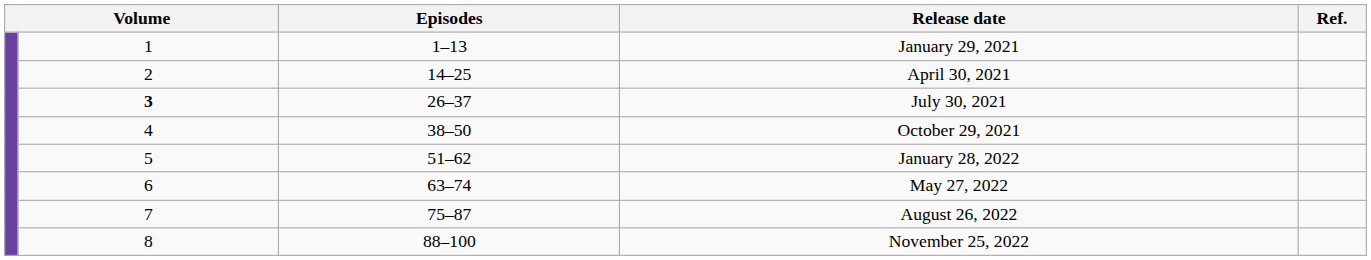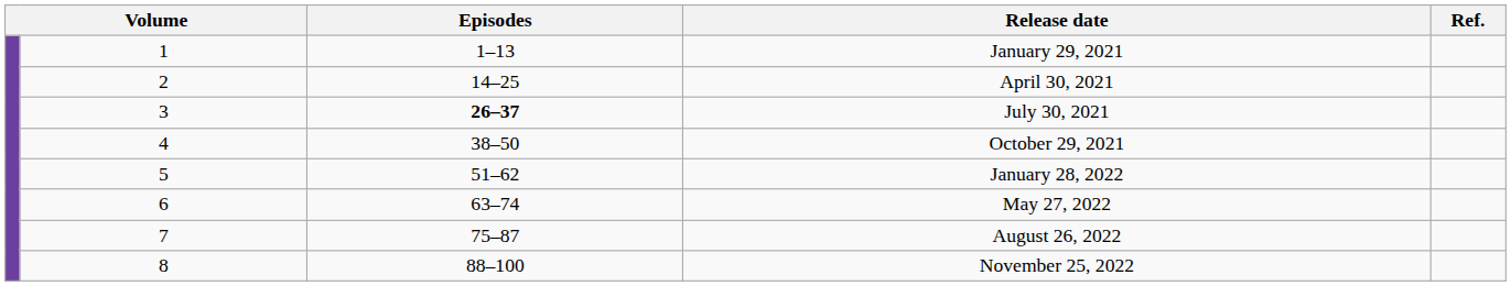 <table class="wikitable" style="text-align: center; width: 98%;">
 <tr>
 <th colspan="2">Volume</th>
 <th>Episodes</th>
 <th>Release date</th>
 <th width="5%">Ref.</th>
 </tr>
 <tr>
 <td rowspan="8" width="1%" style="background: #6B3FA0;"></td>
 <td>1</td>
 <td>1–13</td>
 <td>January 29, 2021</td>
 <td></td>
 </tr>
 <tr>
 <td>2</td>
 <td>14–25</td>
 <td>April 30, 2021</td>
 <td></td>
 </tr>
 <tr>
-<td><strong>3</strong></td>
-<td>26–37</td>
+<td>3</td>
+<td><strong>26–37</strong></td>
 <td>July 30, 2021</td>
 <td></td>
 </tr>
 <tr>
 <td>4</td>
 <td>38–50</td>
 <td>October 29, 2021</td>
 <td></td>
 </tr>
 <tr>
 <td>5</td>
 <td>51–62</td>
 <td>January 28, 2022</td>
 <td></td>
 </tr>
 <tr>
 <td>6</td>
 <td>63–74</td>
 <td>May 27, 2022</td>
 <td></td>
 </tr>
 <tr>
 <td>7</td>
 <td>75–87</td>
 <td>August 26, 2022</td>
 <td></td>
 </tr>
 <tr>
 <td>8</td>
 <td>88–100</td>
 <td>November 25, 2022</td>
 <td></td>
 </tr>
 </table>
